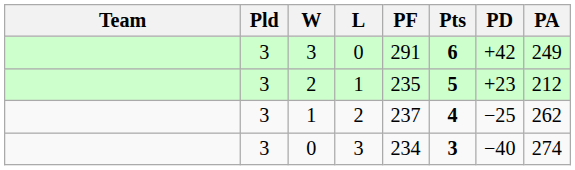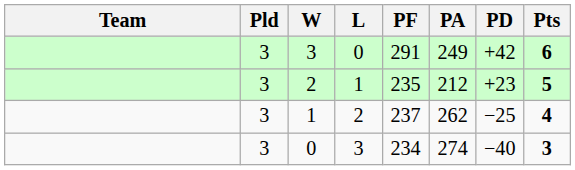 <table class=wikitable style="text-align:center">
 <tr>
 <th width=180>Team</th>
 <th width=30>Pld</th>
 <th width=30>W</th>
 <th width=30>L</th>
 <th width=30>PF</th>
+<th width=30>PA</th>
+<th width=30>PD</th>
 <th width=30>Pts</th>
-<th width=30>PD</th>
-<th width=30>PA</th>
 </tr>
 <tr bgcolor="#ccffcc">
 <td align="left"></td>
 <td>3</td>
 <td>3</td>
 <td>0</td>
 <td>291</td>
+<td>249</td>
+<td>+42</td>
 <td><strong>6</strong></td>
-<td>+42</td>
-<td>249</td>
 </tr>
 <tr bgcolor="#ccffcc">
 <td align="left"></td>
 <td>3</td>
 <td>2</td>
 <td>1</td>
 <td>235</td>
+<td>212</td>
+<td>+23</td>
 <td><strong>5</strong></td>
-<td>+23</td>
-<td>212</td>
 </tr>
 <tr>
 <td align="left"></td>
 <td>3</td>
 <td>1</td>
 <td>2</td>
 <td>237</td>
+<td>262</td>
+<td>−25</td>
 <td><strong>4</strong></td>
-<td>−25</td>
-<td>262</td>
 </tr>
 <tr>
 <td align="left"></td>
 <td>3</td>
 <td>0</td>
 <td>3</td>
 <td>234</td>
+<td>274</td>
+<td>−40</td>
 <td><strong>3</strong></td>
-<td>−40</td>
-<td>274</td>
 </tr>
 </table>
